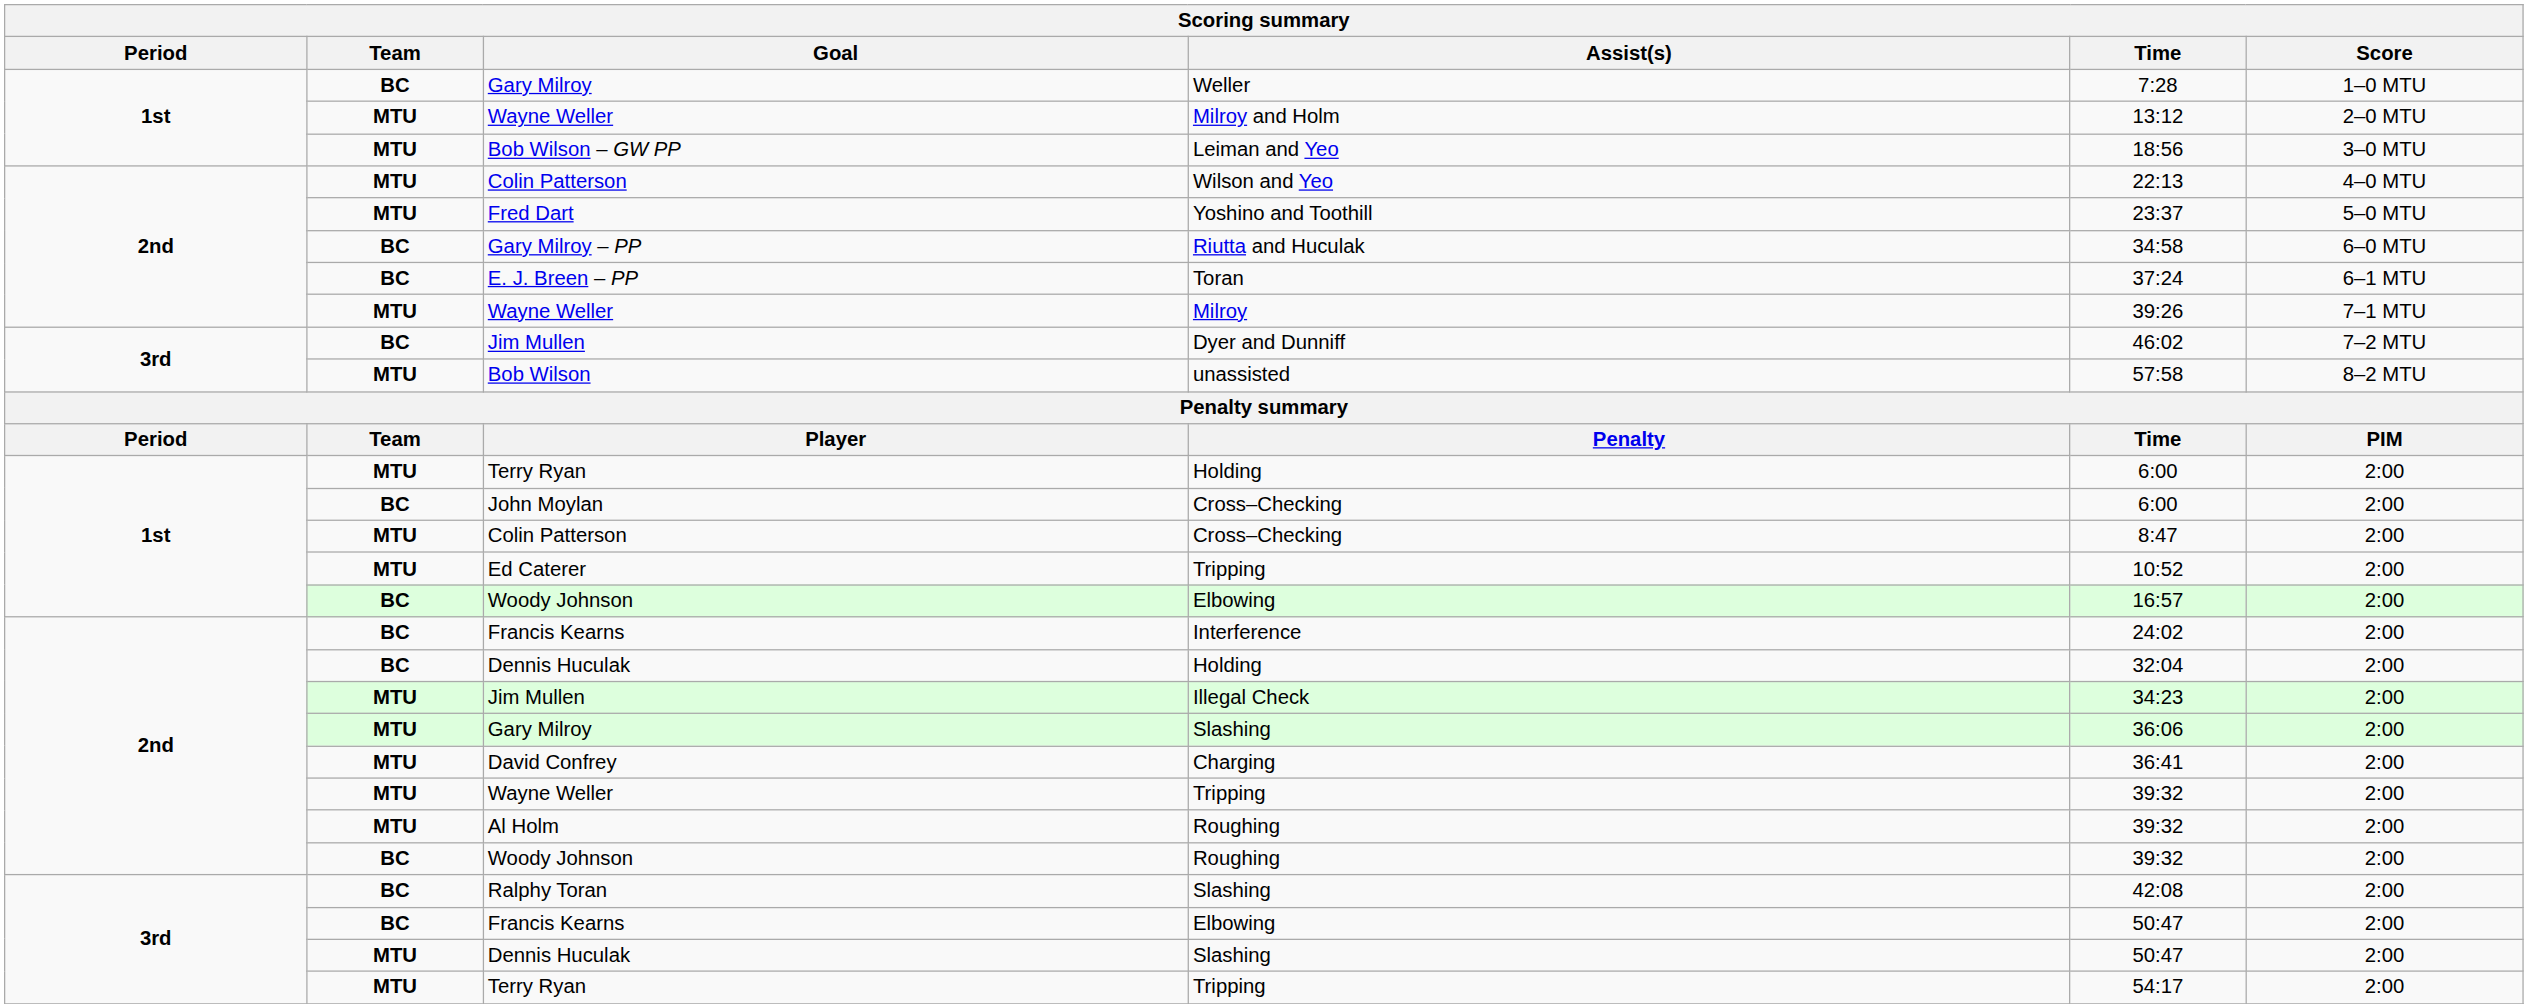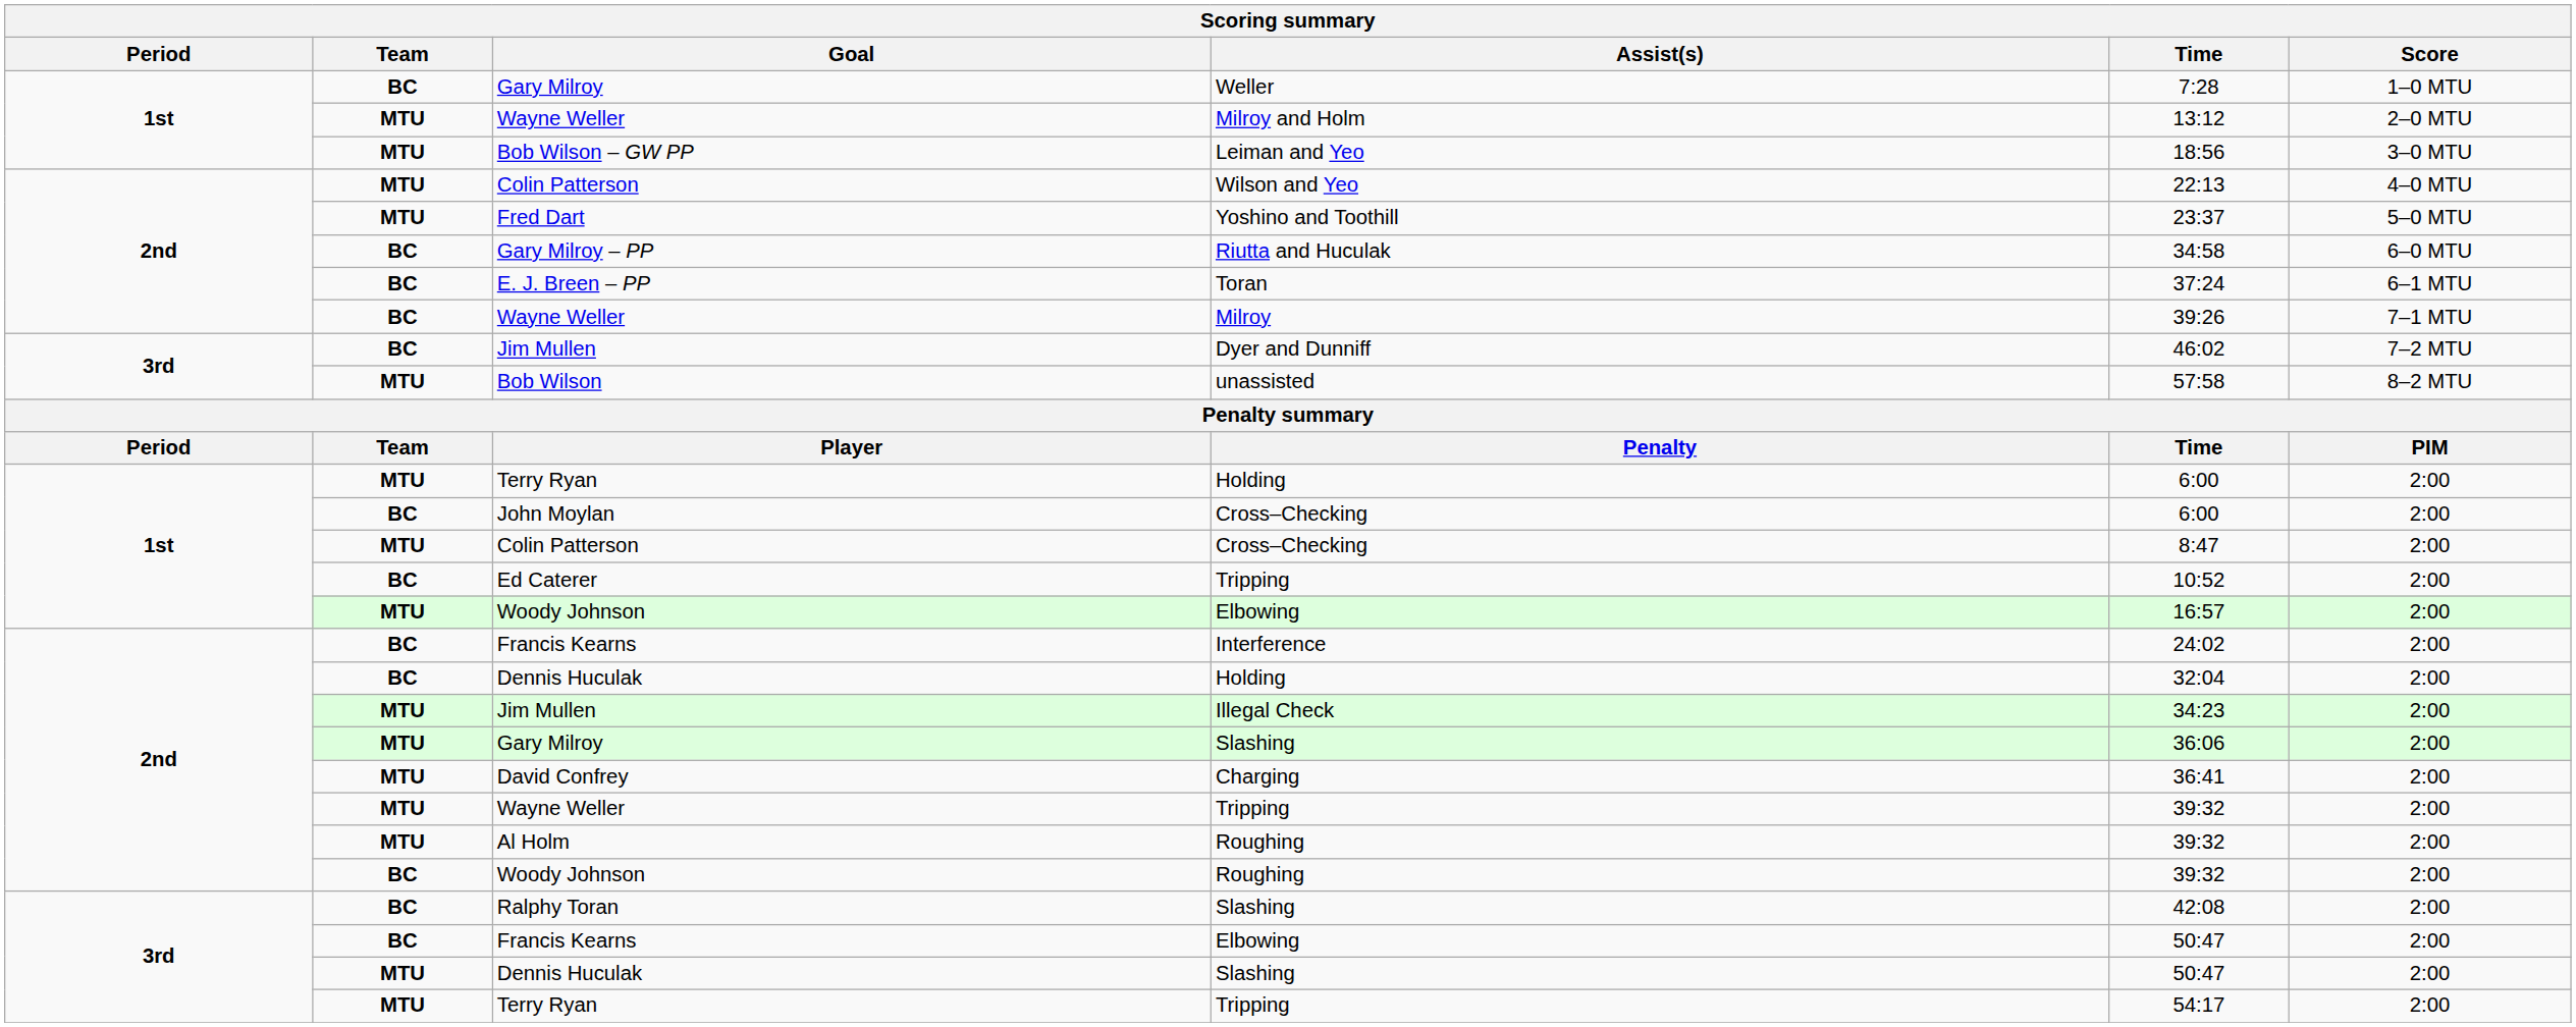 <table style="width:100%;" class="wikitable">
 <tr>
 <th colspan=6>Scoring summary</th>
 </tr>
 <tr>
 <th style="width:12%;">Period</th>
 <th style="width:7%;">Team</th>
 <th style="width:28%;">Goal</th>
 <th style="width:35%;">Assist(s)</th>
 <th style="width:7%;">Time</th>
 <th style="width:11%;">Score</th>
 </tr>
 <tr>
 <td style="text-align:center;" rowspan="3"><strong>1st</strong></td>
 <td align=center><strong>BC</strong></td>
 <td><a href='#'>Gary Milroy</a></td>
 <td>Weller</td>
 <td align=center>7:28</td>
 <td align=center>1–0 MTU</td>
 </tr>
 <tr>
 <td align=center><strong>MTU</strong></td>
 <td><a href='#'>Wayne Weller</a></td>
 <td><a href='#'>Milroy</a> and Holm</td>
 <td align=center>13:12</td>
 <td align=center>2–0 MTU</td>
 </tr>
 <tr>
 <td align=center><strong>MTU</strong></td>
 <td><a href='#'>Bob Wilson</a> – <em>GW PP</em></td>
 <td>Leiman and <a href='#'>Yeo</a></td>
 <td align=center>18:56</td>
 <td align=center>3–0 MTU</td>
 </tr>
 <tr>
 <td style="text-align:center;" rowspan="5"><strong>2nd</strong></td>
 <td align=center><strong>MTU</strong></td>
 <td><a href='#'>Colin Patterson</a></td>
 <td>Wilson and <a href='#'>Yeo</a></td>
 <td align=center>22:13</td>
 <td align=center>4–0 MTU</td>
 </tr>
 <tr>
 <td align=center><strong>MTU</strong></td>
 <td><a href='#'>Fred Dart</a></td>
 <td>Yoshino and Toothill</td>
 <td align=center>23:37</td>
 <td align=center>5–0 MTU</td>
 </tr>
 <tr>
 <td align=center><strong>BC</strong></td>
 <td><a href='#'>Gary Milroy</a> – <em>PP</em></td>
 <td><a href='#'>Riutta</a> and Huculak</td>
 <td align=center>34:58</td>
 <td align=center>6–0 MTU</td>
 </tr>
 <tr>
 <td align=center><strong>BC</strong></td>
 <td><a href='#'>E. J. Breen</a> – <em>PP</em></td>
 <td>Toran</td>
 <td align=center>37:24</td>
 <td align=center>6–1 MTU</td>
 </tr>
 <tr>
-<td align=center><strong>MTU</strong></td>
+<td align=center><strong>BC</strong></td>
 <td><a href='#'>Wayne Weller</a></td>
 <td><a href='#'>Milroy</a></td>
 <td align=center>39:26</td>
 <td align=center>7–1 MTU</td>
 </tr>
 <tr>
 <td style="text-align:center;" rowspan="2"><strong>3rd</strong></td>
 <td align=center><strong>BC</strong></td>
 <td><a href='#'>Jim Mullen</a></td>
 <td>Dyer and Dunniff</td>
 <td align=center>46:02</td>
 <td align=center>7–2 MTU</td>
 </tr>
 <tr>
 <td align=center><strong>MTU</strong></td>
 <td><a href='#'>Bob Wilson</a></td>
 <td>unassisted</td>
 <td align=center>57:58</td>
 <td align=center>8–2 MTU</td>
 </tr>
 <tr>
 <th colspan=6>Penalty summary</th>
 </tr>
 <tr>
 <th style="width:12%;">Period</th>
 <th style="width:7%;">Team</th>
 <th style="width:28%;">Player</th>
 <th style="width:35%;"><a href='#'>Penalty</a></th>
 <th style="width:7%;">Time</th>
 <th style="width:11%;">PIM</th>
 </tr>
 <tr>
 <td style="text-align:center;" rowspan="5"><strong>1st</strong></td>
 <td align=center><strong>MTU</strong></td>
 <td>Terry Ryan</td>
 <td>Holding</td>
 <td align=center>6:00</td>
 <td align=center>2:00</td>
 </tr>
 <tr>
 <td align=center><strong>BC</strong></td>
 <td>John Moylan</td>
 <td>Cross–Checking</td>
 <td align=center>6:00</td>
 <td align=center>2:00</td>
 </tr>
 <tr>
 <td align=center><strong>MTU</strong></td>
 <td>Colin Patterson</td>
 <td>Cross–Checking</td>
 <td align=center>8:47</td>
 <td align=center>2:00</td>
 </tr>
 <tr>
-<td align=center><strong>MTU</strong></td>
+<td align=center><strong>BC</strong></td>
 <td>Ed Caterer</td>
 <td>Tripping</td>
 <td align=center>10:52</td>
 <td align=center>2:00</td>
 </tr>
 <tr bgcolor=ddffdd>
-<td align=center><strong>BC</strong></td>
+<td align=center><strong>MTU</strong></td>
 <td>Woody Johnson</td>
 <td>Elbowing</td>
 <td align=center>16:57</td>
 <td align=center>2:00</td>
 </tr>
 <tr>
 <td style="text-align:center;" rowspan="8"><strong>2nd</strong></td>
 <td align=center><strong>BC</strong></td>
 <td>Francis Kearns</td>
 <td>Interference</td>
 <td align=center>24:02</td>
 <td align=center>2:00</td>
 </tr>
 <tr>
 <td align=center><strong>BC</strong></td>
 <td>Dennis Huculak</td>
 <td>Holding</td>
 <td align=center>32:04</td>
 <td align=center>2:00</td>
 </tr>
 <tr bgcolor=ddffdd>
 <td align=center><strong>MTU</strong></td>
 <td>Jim Mullen</td>
 <td>Illegal Check</td>
 <td align=center>34:23</td>
 <td align=center>2:00</td>
 </tr>
 <tr bgcolor=ddffdd>
 <td align=center><strong>MTU</strong></td>
 <td>Gary Milroy</td>
 <td>Slashing</td>
 <td align=center>36:06</td>
 <td align=center>2:00</td>
 </tr>
 <tr>
 <td align=center><strong>MTU</strong></td>
 <td>David Confrey</td>
 <td>Charging</td>
 <td align=center>36:41</td>
 <td align=center>2:00</td>
 </tr>
 <tr>
 <td align=center><strong>MTU</strong></td>
 <td>Wayne Weller</td>
 <td>Tripping</td>
 <td align=center>39:32</td>
 <td align=center>2:00</td>
 </tr>
 <tr>
 <td align=center><strong>MTU</strong></td>
 <td>Al Holm</td>
 <td>Roughing</td>
 <td align=center>39:32</td>
 <td align=center>2:00</td>
 </tr>
 <tr>
 <td align=center><strong>BC</strong></td>
 <td>Woody Johnson</td>
 <td>Roughing</td>
 <td align=center>39:32</td>
 <td align=center>2:00</td>
 </tr>
 <tr>
 <td style="text-align:center;" rowspan="4"><strong>3rd</strong></td>
 <td align=center><strong>BC</strong></td>
 <td>Ralphy Toran</td>
 <td>Slashing</td>
 <td align=center>42:08</td>
 <td align=center>2:00</td>
 </tr>
 <tr>
 <td align=center><strong>BC</strong></td>
 <td>Francis Kearns</td>
 <td>Elbowing</td>
 <td align=center>50:47</td>
 <td align=center>2:00</td>
 </tr>
 <tr>
 <td align=center><strong>MTU</strong></td>
 <td>Dennis Huculak</td>
 <td>Slashing</td>
 <td align=center>50:47</td>
 <td align=center>2:00</td>
 </tr>
 <tr>
 <td align=center><strong>MTU</strong></td>
 <td>Terry Ryan</td>
 <td>Tripping</td>
 <td align=center>54:17</td>
 <td align=center>2:00</td>
 </tr>
 <tr>
 </tr>
 </table>
